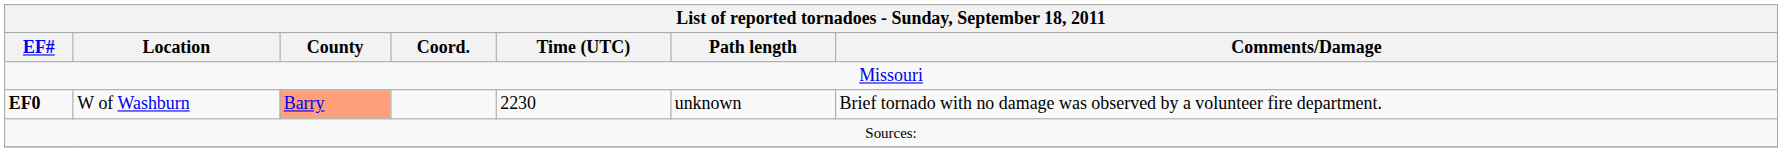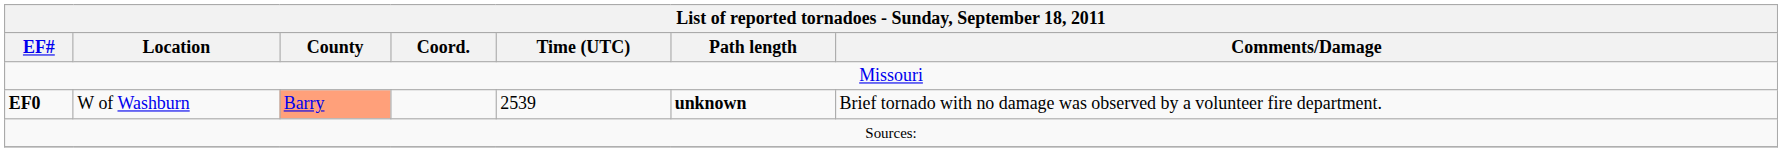 <table class="wikitable collapsible" width="100%">
 <tr>
 <th colspan="7">List of reported tornadoes - Sunday, September 18, 2011</th>
 </tr>
 <tr>
 <th><a href='#'>EF#</a></th>
 <th>Location</th>
 <th>County</th>
 <th>Coord.</th>
 <th>Time (UTC)</th>
 <th>Path length</th>
 <th>Comments/Damage</th>
 </tr>
 <tr>
 <td colspan="7" align=center><a href='#'>Missouri</a></td>
 </tr>
 <tr>
 <td><strong>EF0</strong></td>
 <td>W of <a href='#'>Washburn</a></td>
 <td style="background: lightsalmon;"><a href='#'>Barry</a></td>
 <td></td>
-<td>2230</td>
-<td>unknown</td>
+<td>2539</td>
+<td><strong>unknown</strong></td>
 <td>Brief tornado with no damage was observed by a volunteer fire department.</td>
 </tr>
 <tr>
 <td colspan="7" align=center><small>Sources: </small></td>
 </tr>
 <tr>
 </tr>
 </table>
